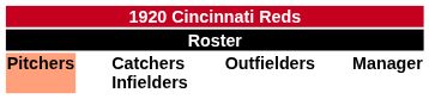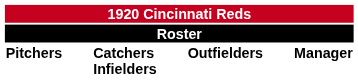 <table class="toccolours" style="font-size: 95%;">
 <tr>
 <th colspan="10" style="background-color: #c6011f; color: white; text-align: center;">1920 Cincinnati Reds</th>
 </tr>
 <tr>
 <td colspan="10" style="background-color: black; color: white; text-align: center;"><strong>Roster</strong></td>
 </tr>
 <tr>
-<td valign="top" style="background: lightsalmon;"><strong>Pitchers</strong><br>            </td>
+<td valign="top"><strong>Pitchers</strong><br>            </td>
 <td width="25px"></td>
 <td valign="top"><strong>Catchers</strong><br>   <strong>Infielders</strong>      </td>
 <td width="25px"></td>
 <td valign="top"><strong>Outfielders</strong><br>   </td>
 <td width="25px"></td>
 <td valign="top"><strong>Manager</strong><br></td>
 </tr>
 </table>
